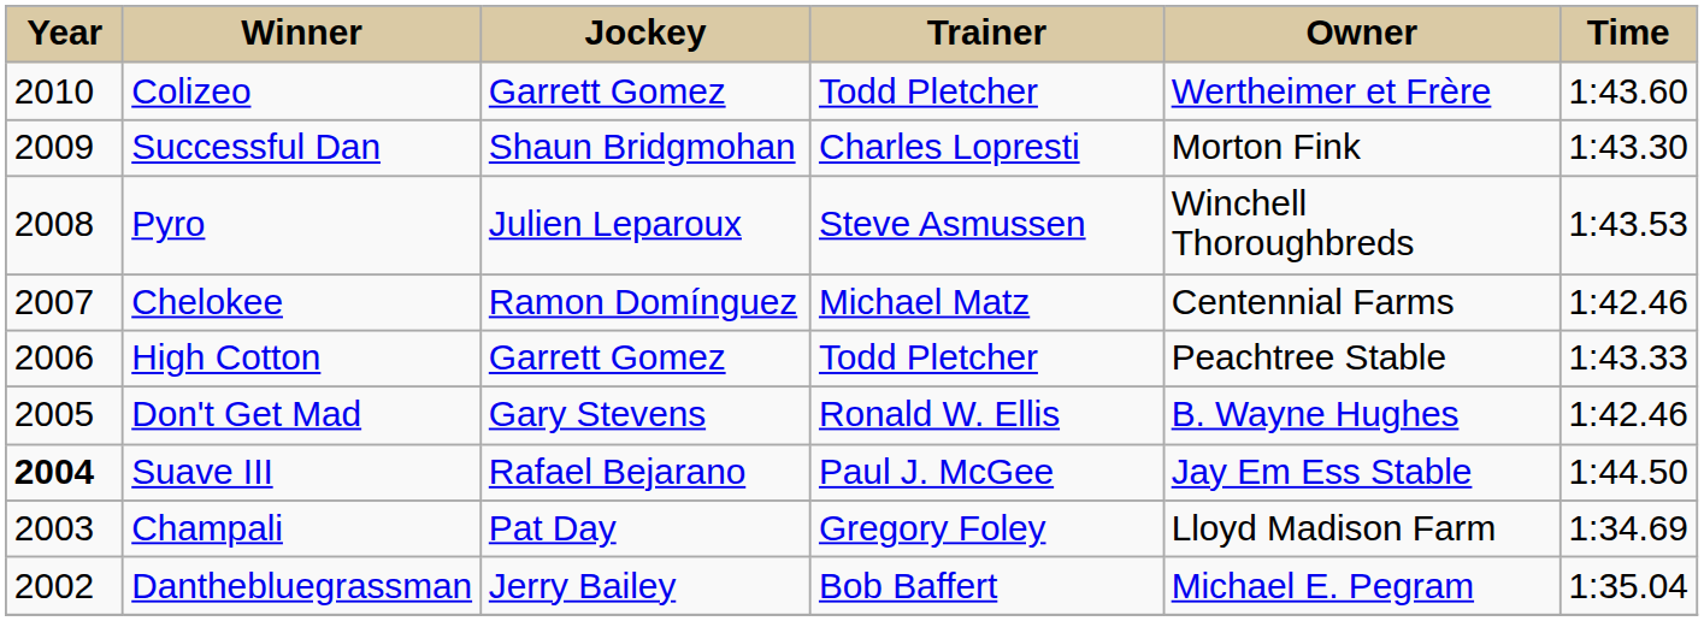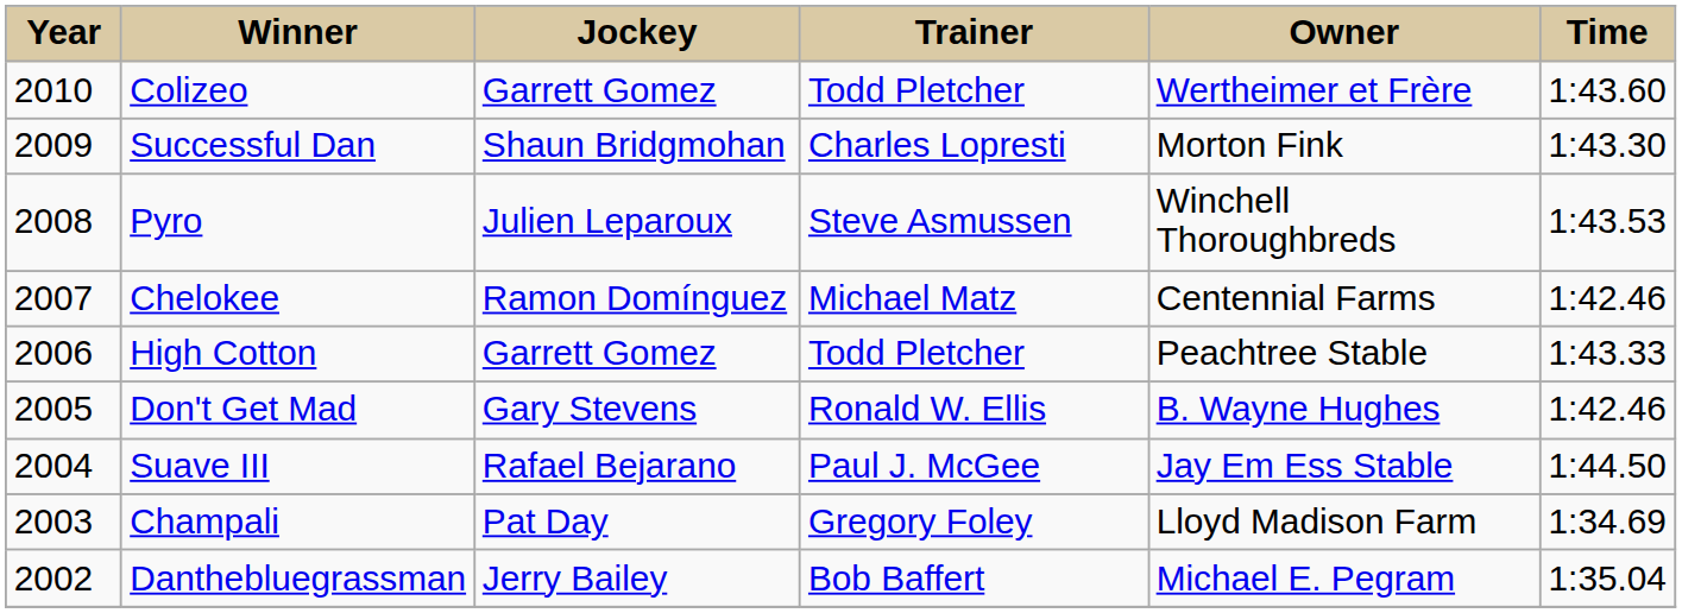 <table class="wikitable sortable">
 <tr>
 <th style="background-color:#DACAA5; width:45px">Year <br></th>
 <th style="background-color:#DACAA5; width:145px">Winner <br></th>
 <th style="background-color:#DACAA5; width:140px">Jockey <br></th>
 <th style="background-color:#DACAA5; width:150px">Trainer <br></th>
 <th style="background-color:#DACAA5; width:170px">Owner <br></th>
 <th style="background-color:#DACAA5; width:46px">Time</th>
 </tr>
 <tr>
 <td>2010</td>
 <td><a href='#'>Colizeo</a></td>
 <td><a href='#'>Garrett Gomez</a></td>
 <td><a href='#'>Todd Pletcher</a></td>
 <td><a href='#'>Wertheimer et Frère</a></td>
 <td>1:43.60</td>
 </tr>
 <tr>
 <td>2009</td>
 <td><a href='#'>Successful Dan</a></td>
 <td><a href='#'>Shaun Bridgmohan</a></td>
 <td><a href='#'>Charles Lopresti</a></td>
 <td>Morton Fink</td>
 <td>1:43.30</td>
 </tr>
 <tr>
 <td>2008</td>
 <td><a href='#'>Pyro</a></td>
 <td><a href='#'>Julien Leparoux</a></td>
 <td><a href='#'>Steve Asmussen</a></td>
 <td>Winchell Thoroughbreds</td>
 <td>1:43.53</td>
 </tr>
 <tr>
 <td>2007</td>
 <td><a href='#'>Chelokee</a></td>
 <td><a href='#'>Ramon Domínguez</a></td>
 <td><a href='#'>Michael Matz</a></td>
 <td>Centennial Farms</td>
 <td>1:42.46</td>
 </tr>
 <tr>
 <td>2006</td>
 <td><a href='#'>High Cotton</a></td>
 <td><a href='#'>Garrett Gomez</a></td>
 <td><a href='#'>Todd Pletcher</a></td>
 <td>Peachtree Stable</td>
 <td>1:43.33</td>
 </tr>
 <tr>
 <td>2005</td>
 <td><a href='#'>Don't Get Mad</a></td>
 <td><a href='#'>Gary Stevens</a></td>
 <td><a href='#'>Ronald W. Ellis</a></td>
 <td><a href='#'>B. Wayne Hughes</a></td>
 <td>1:42.46</td>
 </tr>
 <tr>
-<td><strong>2004</strong></td>
+<td>2004</td>
 <td><a href='#'>Suave III</a></td>
 <td><a href='#'>Rafael Bejarano</a></td>
 <td><a href='#'>Paul J. McGee</a></td>
 <td><a href='#'>Jay Em Ess Stable</a></td>
 <td>1:44.50</td>
 </tr>
 <tr>
 <td>2003</td>
 <td><a href='#'>Champali</a></td>
 <td><a href='#'>Pat Day</a></td>
 <td><a href='#'>Gregory Foley</a></td>
 <td>Lloyd Madison Farm</td>
 <td>1:34.69</td>
 </tr>
 <tr>
 <td>2002</td>
 <td><a href='#'>Danthebluegrassman</a></td>
 <td><a href='#'>Jerry Bailey</a></td>
 <td><a href='#'>Bob Baffert</a></td>
 <td><a href='#'>Michael E. Pegram</a></td>
 <td>1:35.04</td>
 </tr>
 <tr>
 </tr>
 </table>
